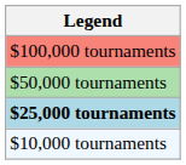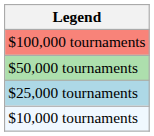 <table class=wikitable style=font-size:85%>
 <tr>
 <th>Legend</th>
 </tr>
 <tr style="background:#f88379;">
 <td>$100,000 tournaments</td>
 </tr>
 <tr style="background:#addfad;">
 <td>$50,000 tournaments</td>
 </tr>
 <tr style="background:lightblue;">
-<td><strong>$25,000 tournaments</strong></td>
+<td>$25,000 tournaments</td>
 </tr>
 <tr style="background:#f0f8ff;">
 <td>$10,000 tournaments</td>
 </tr>
 </table>
